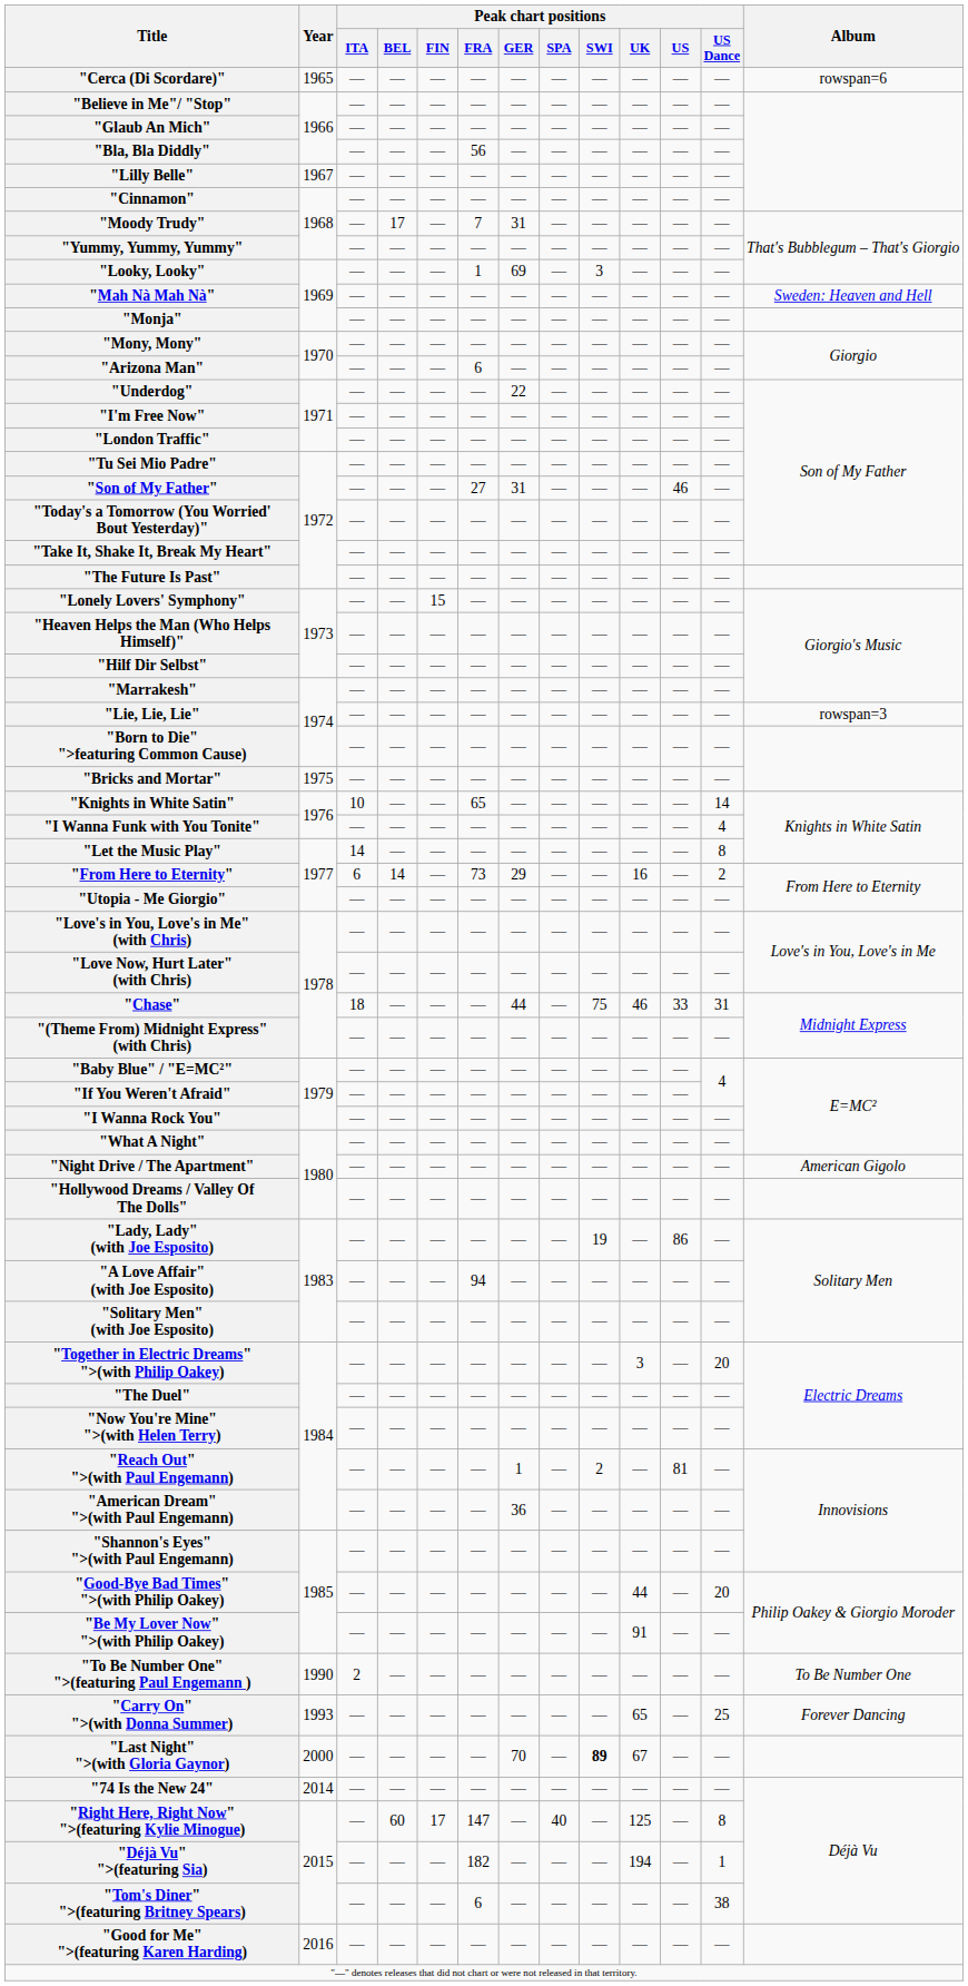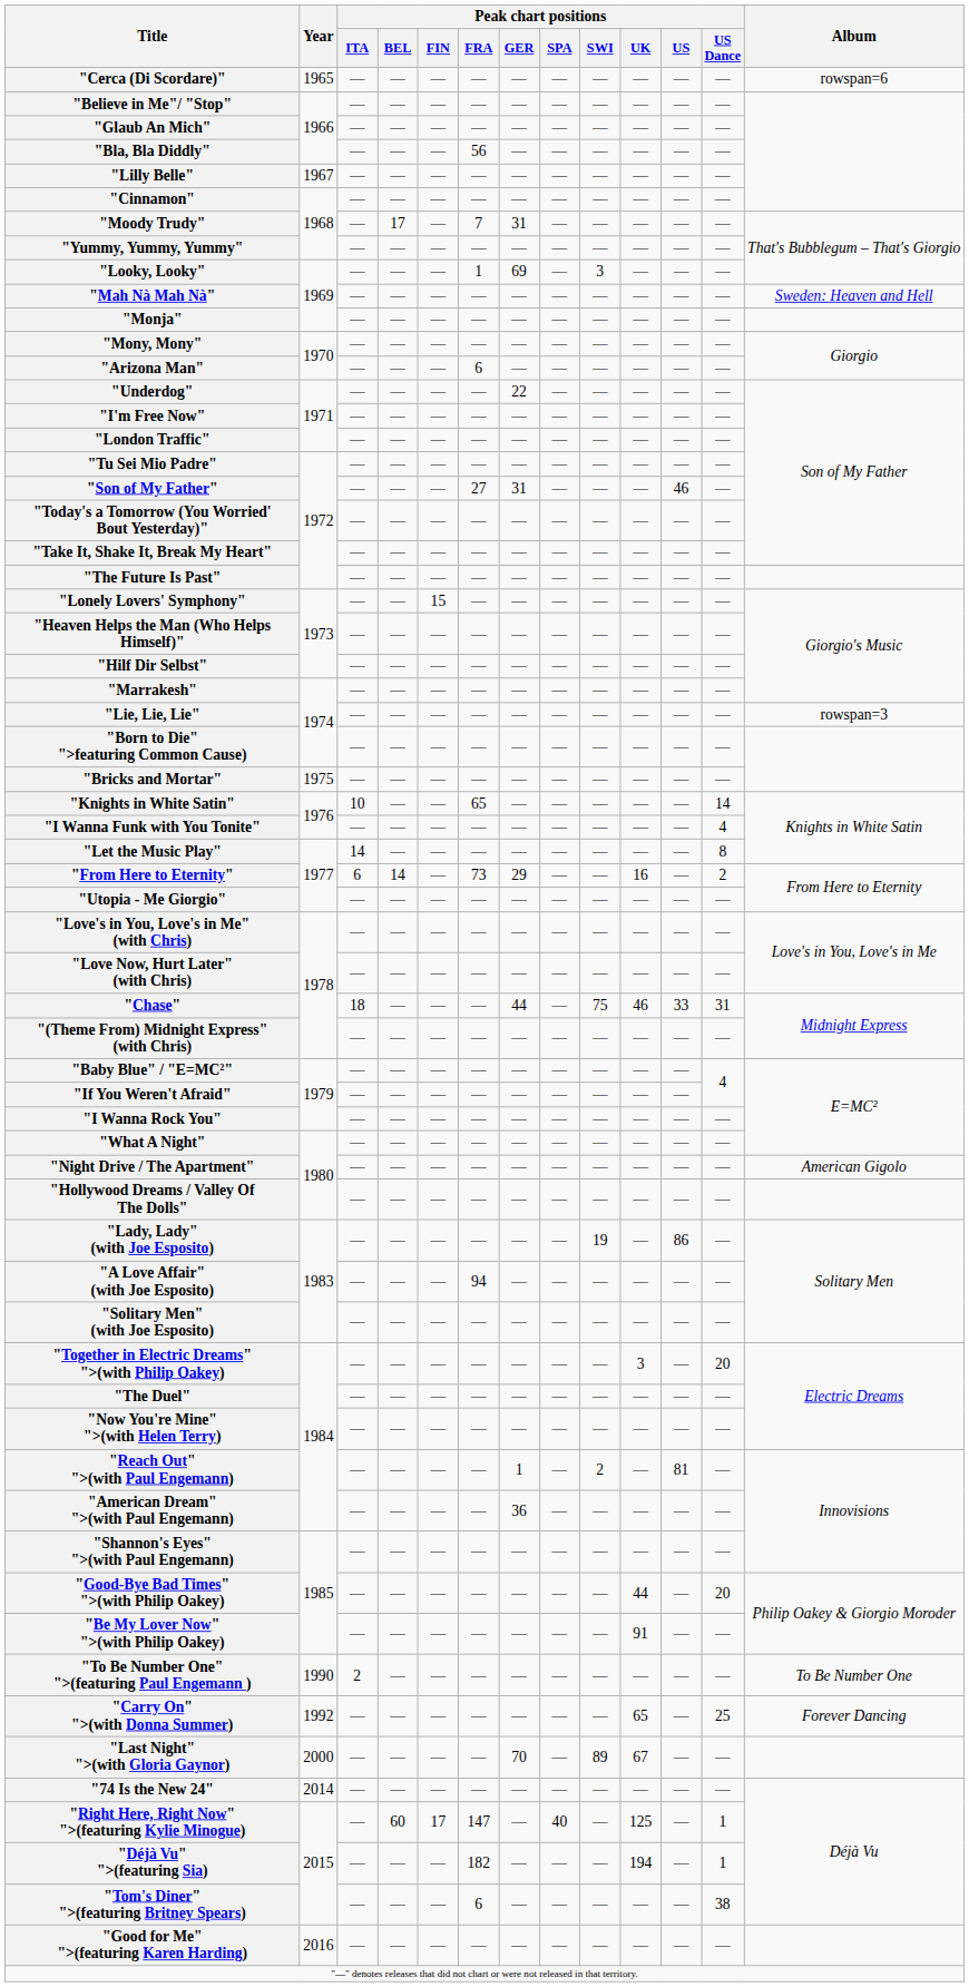 <table class="wikitable plainrowheaders" style="text-align:center;" border="1">
 <tr>
 <th scope="col" rowspan="2" style="width:19em;">Title</th>
 <th scope="col" rowspan="2">Year</th>
 <th scope="col" colspan="10">Peak chart positions</th>
 <th scope="col" rowspan="2">Album</th>
 </tr>
 <tr>
 <th scope="col" style="width:2.5em;font-size:90%;"><a href='#'>ITA</a><br></th>
 <th scope="col" style="width:2.5em;font-size:90%;"><a href='#'>BEL</a><br></th>
 <th scope="col" style="width:2.5em;font-size:90%;"><a href='#'>FIN</a><br></th>
 <th scope="col" style="width:2.5em;font-size:90%;"><a href='#'>FRA</a><br></th>
 <th scope="col" style="width:2.5em;font-size:90%;"><a href='#'>GER</a><br></th>
 <th scope="col" style="width:2.5em;font-size:90%;"><a href='#'>SPA</a><br></th>
 <th scope="col" style="width:2.5em;font-size:90%;"><a href='#'>SWI</a><br></th>
 <th scope="col" style="width:2.5em;font-size:90%;"><a href='#'>UK</a><br></th>
 <th scope="col" style="width:2.5em;font-size:90%;"><a href='#'>US</a><br></th>
 <th scope="col" style="width:2.5em;font-size:90%;"><a href='#'>US<br>Dance</a><br></th>
 </tr>
 <tr>
 <th scope="row">"Cerca (Di Scordare)"</th>
 <td>1965</td>
 <td>—</td>
 <td>—</td>
 <td>—</td>
 <td>—</td>
 <td>—</td>
 <td>—</td>
 <td>—</td>
 <td>—</td>
 <td>—</td>
 <td>—</td>
 <td>rowspan=6 </td>
 </tr>
 <tr>
 <th scope="row">"Believe in Me"/ "Stop"</th>
 <td rowspan=3>1966</td>
 <td>—</td>
 <td>—</td>
 <td>—</td>
 <td>—</td>
 <td>—</td>
 <td>—</td>
 <td>—</td>
 <td>—</td>
 <td>—</td>
 <td>—</td>
 </tr>
 <tr>
 <th scope="row">"Glaub An Mich"</th>
 <td>—</td>
 <td>—</td>
 <td>—</td>
 <td>—</td>
 <td>—</td>
 <td>—</td>
 <td>—</td>
 <td>—</td>
 <td>—</td>
 <td>—</td>
 </tr>
 <tr>
 <th scope="row">"Bla, Bla Diddly"</th>
 <td>—</td>
 <td>—</td>
 <td>—</td>
 <td>56</td>
 <td>—</td>
 <td>—</td>
 <td>—</td>
 <td>—</td>
 <td>—</td>
 <td>—</td>
 </tr>
 <tr>
 <th scope="row">"Lilly Belle"</th>
 <td>1967</td>
 <td>—</td>
 <td>—</td>
 <td>—</td>
 <td>—</td>
 <td>—</td>
 <td>—</td>
 <td>—</td>
 <td>—</td>
 <td>—</td>
 <td>—</td>
 </tr>
 <tr>
 <th scope="row">"Cinnamon"</th>
 <td rowspan=3>1968</td>
 <td>—</td>
 <td>—</td>
 <td>—</td>
 <td>—</td>
 <td>—</td>
 <td>—</td>
 <td>—</td>
 <td>—</td>
 <td>—</td>
 <td>—</td>
 </tr>
 <tr>
 <th scope="row">"Moody Trudy"</th>
 <td>—</td>
 <td>17</td>
 <td>—</td>
 <td>7</td>
 <td>31</td>
 <td>—</td>
 <td>—</td>
 <td>—</td>
 <td>—</td>
 <td>—</td>
 <td rowspan=3><em>That's Bubblegum – That's Giorgio</em></td>
 </tr>
 <tr>
 <th scope="row">"Yummy, Yummy, Yummy"</th>
 <td>—</td>
 <td>—</td>
 <td>—</td>
 <td>—</td>
 <td>—</td>
 <td>—</td>
 <td>—</td>
 <td>—</td>
 <td>—</td>
 <td>—</td>
 </tr>
 <tr>
 <th scope="row">"Looky, Looky"</th>
 <td rowspan=3>1969</td>
 <td>—</td>
 <td>—</td>
 <td>—</td>
 <td>1</td>
 <td>69</td>
 <td>—</td>
 <td>3</td>
 <td>—</td>
 <td>—</td>
 <td>—</td>
 </tr>
 <tr>
 <th scope="row">"<a href='#'>Mah Nà Mah Nà</a>"</th>
 <td>—</td>
 <td>—</td>
 <td>—</td>
 <td>—</td>
 <td>—</td>
 <td>—</td>
 <td>—</td>
 <td>—</td>
 <td>—</td>
 <td>—</td>
 <td><em><a href='#'>Sweden: Heaven and Hell</a></em></td>
 </tr>
 <tr>
 <th scope="row">"Monja"</th>
 <td>—</td>
 <td>—</td>
 <td>—</td>
 <td>—</td>
 <td>—</td>
 <td>—</td>
 <td>—</td>
 <td>—</td>
 <td>—</td>
 <td>—</td>
 <td></td>
 </tr>
 <tr>
 <th scope="row">"Mony, Mony"</th>
 <td rowspan=2>1970</td>
 <td>—</td>
 <td>—</td>
 <td>—</td>
 <td>—</td>
 <td>—</td>
 <td>—</td>
 <td>—</td>
 <td>—</td>
 <td>—</td>
 <td>—</td>
 <td rowspan=2><em>Giorgio</em></td>
 </tr>
 <tr>
 <th scope="row">"Arizona Man"</th>
 <td>—</td>
 <td>—</td>
 <td>—</td>
 <td>6</td>
 <td>—</td>
 <td>—</td>
 <td>—</td>
 <td>—</td>
 <td>—</td>
 <td>—</td>
 </tr>
 <tr>
 <th scope="row">"Underdog"</th>
 <td rowspan=3>1971</td>
 <td>—</td>
 <td>—</td>
 <td>—</td>
 <td>—</td>
 <td>22</td>
 <td>—</td>
 <td>—</td>
 <td>—</td>
 <td>—</td>
 <td>—</td>
 <td rowspan=7><em>Son of My Father</em></td>
 </tr>
 <tr>
 <th scope="row">"I'm Free Now"</th>
 <td>—</td>
 <td>—</td>
 <td>—</td>
 <td>—</td>
 <td>—</td>
 <td>—</td>
 <td>—</td>
 <td>—</td>
 <td>—</td>
 <td>—</td>
 </tr>
 <tr>
 <th scope="row">"London Traffic"</th>
 <td>—</td>
 <td>—</td>
 <td>—</td>
 <td>—</td>
 <td>—</td>
 <td>—</td>
 <td>—</td>
 <td>—</td>
 <td>—</td>
 <td>—</td>
 </tr>
 <tr>
 <th scope="row">"Tu Sei Mio Padre"</th>
 <td rowspan=5>1972</td>
 <td>—</td>
 <td>—</td>
 <td>—</td>
 <td>—</td>
 <td>—</td>
 <td>—</td>
 <td>—</td>
 <td>—</td>
 <td>—</td>
 <td>—</td>
 </tr>
 <tr>
 <th scope="row">"<a href='#'>Son of My Father</a>"</th>
 <td>—</td>
 <td>—</td>
 <td>—</td>
 <td>27</td>
 <td>31</td>
 <td>—</td>
 <td>—</td>
 <td>—</td>
 <td>46</td>
 <td>—</td>
 </tr>
 <tr>
 <th scope="row">"Today's a Tomorrow (You Worried'<br>Bout Yesterday)"</th>
 <td>—</td>
 <td>—</td>
 <td>—</td>
 <td>—</td>
 <td>—</td>
 <td>—</td>
 <td>—</td>
 <td>—</td>
 <td>—</td>
 <td>—</td>
 </tr>
 <tr>
 <th scope="row">"Take It, Shake It, Break My Heart"</th>
 <td>—</td>
 <td>—</td>
 <td>—</td>
 <td>—</td>
 <td>—</td>
 <td>—</td>
 <td>—</td>
 <td>—</td>
 <td>—</td>
 <td>—</td>
 </tr>
 <tr>
 <th scope="row">"The Future Is Past"</th>
 <td>—</td>
 <td>—</td>
 <td>—</td>
 <td>—</td>
 <td>—</td>
 <td>—</td>
 <td>—</td>
 <td>—</td>
 <td>—</td>
 <td>—</td>
 <td></td>
 </tr>
 <tr>
 <th scope="row">"Lonely Lovers' Symphony"</th>
 <td rowspan=3>1973</td>
 <td>—</td>
 <td>—</td>
 <td>15</td>
 <td>—</td>
 <td>—</td>
 <td>—</td>
 <td>—</td>
 <td>—</td>
 <td>—</td>
 <td>—</td>
 <td rowspan=4><em>Giorgio's Music</em></td>
 </tr>
 <tr>
 <th scope="row">"Heaven Helps the Man (Who Helps<br>Himself)"</th>
 <td>—</td>
 <td>—</td>
 <td>—</td>
 <td>—</td>
 <td>—</td>
 <td>—</td>
 <td>—</td>
 <td>—</td>
 <td>—</td>
 <td>—</td>
 </tr>
 <tr>
 <th scope="row">"Hilf Dir Selbst"</th>
 <td>—</td>
 <td>—</td>
 <td>—</td>
 <td>—</td>
 <td>—</td>
 <td>—</td>
 <td>—</td>
 <td>—</td>
 <td>—</td>
 <td>—</td>
 </tr>
 <tr>
 <th scope="row">"Marrakesh"</th>
 <td rowspan=3>1974</td>
 <td>—</td>
 <td>—</td>
 <td>—</td>
 <td>—</td>
 <td>—</td>
 <td>—</td>
 <td>—</td>
 <td>—</td>
 <td>—</td>
 <td>—</td>
 </tr>
 <tr>
 <th scope="row">"Lie, Lie, Lie"</th>
 <td>—</td>
 <td>—</td>
 <td>—</td>
 <td>—</td>
 <td>—</td>
 <td>—</td>
 <td>—</td>
 <td>—</td>
 <td>—</td>
 <td>—</td>
 <td>rowspan=3 </td>
 </tr>
 <tr>
 <th scope="row">"Born to Die"<br><span>">featuring Common Cause)</span></th>
 <td>—</td>
 <td>—</td>
 <td>—</td>
 <td>—</td>
 <td>—</td>
 <td>—</td>
 <td>—</td>
 <td>—</td>
 <td>—</td>
 <td>—</td>
 </tr>
 <tr>
 <th scope="row">"Bricks and Mortar"</th>
 <td>1975</td>
 <td>—</td>
 <td>—</td>
 <td>—</td>
 <td>—</td>
 <td>—</td>
 <td>—</td>
 <td>—</td>
 <td>—</td>
 <td>—</td>
 <td>—</td>
 </tr>
 <tr>
 <th scope="row">"Knights in White Satin"</th>
 <td rowspan=2>1976</td>
 <td>10</td>
 <td>—</td>
 <td>—</td>
 <td>65</td>
 <td>—</td>
 <td>—</td>
 <td>—</td>
 <td>—</td>
 <td>—</td>
 <td>14</td>
 <td rowspan=3><em>Knights in White Satin</em></td>
 </tr>
 <tr>
 <th scope="row">"I Wanna Funk with You Tonite"</th>
 <td>—</td>
 <td>—</td>
 <td>—</td>
 <td>—</td>
 <td>—</td>
 <td>—</td>
 <td>—</td>
 <td>—</td>
 <td>—</td>
 <td>4</td>
 </tr>
 <tr>
 <th scope="row">"Let the Music Play"</th>
 <td rowspan=3>1977</td>
 <td>14</td>
 <td>—</td>
 <td>—</td>
 <td>—</td>
 <td>—</td>
 <td>—</td>
 <td>—</td>
 <td>—</td>
 <td>—</td>
 <td>8</td>
 </tr>
 <tr>
 <th scope="row">"<a href='#'>From Here to Eternity</a>"</th>
 <td>6</td>
 <td>14</td>
 <td>—</td>
 <td>73</td>
 <td>29</td>
 <td>—</td>
 <td>—</td>
 <td>16</td>
 <td>—</td>
 <td>2</td>
 <td rowspan=2><em>From Here to Eternity</em></td>
 </tr>
 <tr>
 <th scope="row">"Utopia - Me Giorgio"</th>
 <td>—</td>
 <td>—</td>
 <td>—</td>
 <td>—</td>
 <td>—</td>
 <td>—</td>
 <td>—</td>
 <td>—</td>
 <td>—</td>
 <td>—</td>
 </tr>
 <tr>
 <th scope="row">"Love's in You, Love's in Me"<br><span>(with <a href='#'>Chris</a>)</span></th>
 <td rowspan=4>1978</td>
 <td>—</td>
 <td>—</td>
 <td>—</td>
 <td>—</td>
 <td>—</td>
 <td>—</td>
 <td>—</td>
 <td>—</td>
 <td>—</td>
 <td>—</td>
 <td rowspan=2><em>Love's in You, Love's in Me</em></td>
 </tr>
 <tr>
 <th scope="row">"Love Now, Hurt Later"<br><span>(with Chris)</span></th>
 <td>—</td>
 <td>—</td>
 <td>—</td>
 <td>—</td>
 <td>—</td>
 <td>—</td>
 <td>—</td>
 <td>—</td>
 <td>—</td>
 <td>—</td>
 </tr>
 <tr>
 <th scope="row">"<a href='#'>Chase</a>"</th>
 <td>18</td>
 <td>—</td>
 <td>—</td>
 <td>—</td>
 <td>44</td>
 <td>—</td>
 <td>75</td>
 <td>46</td>
 <td>33</td>
 <td>31</td>
 <td rowspan=2><em><a href='#'>Midnight Express</a></em></td>
 </tr>
 <tr>
 <th scope="row">"(Theme From) Midnight Express"<br><span>(with Chris)</span></th>
 <td>—</td>
 <td>—</td>
 <td>—</td>
 <td>—</td>
 <td>—</td>
 <td>—</td>
 <td>—</td>
 <td>—</td>
 <td>—</td>
 <td>—</td>
 </tr>
 <tr>
 <th scope="row">"Baby Blue" / "E=MC²"</th>
 <td rowspan=3>1979</td>
 <td>—</td>
 <td>—</td>
 <td>—</td>
 <td>—</td>
 <td>—</td>
 <td>—</td>
 <td>—</td>
 <td>—</td>
 <td>—</td>
 <td rowspan=2>4</td>
 <td rowspan=4><em>E=MC²</em></td>
 </tr>
 <tr>
 <th scope="row">"If You Weren't Afraid"</th>
 <td>—</td>
 <td>—</td>
 <td>—</td>
 <td>—</td>
 <td>—</td>
 <td>—</td>
 <td>—</td>
 <td>—</td>
 <td>—</td>
 </tr>
 <tr>
 <th scope="row">"I Wanna Rock You"</th>
 <td>—</td>
 <td>—</td>
 <td>—</td>
 <td>—</td>
 <td>—</td>
 <td>—</td>
 <td>—</td>
 <td>—</td>
 <td>—</td>
 <td>—</td>
 </tr>
 <tr>
 <th scope="row">"What A Night"</th>
 <td rowspan=3>1980</td>
 <td>—</td>
 <td>—</td>
 <td>—</td>
 <td>—</td>
 <td>—</td>
 <td>—</td>
 <td>—</td>
 <td>—</td>
 <td>—</td>
 <td>—</td>
 </tr>
 <tr>
 <th scope="row">"Night Drive / The Apartment"</th>
 <td>—</td>
 <td>—</td>
 <td>—</td>
 <td>—</td>
 <td>—</td>
 <td>—</td>
 <td>—</td>
 <td>—</td>
 <td>—</td>
 <td>—</td>
 <td><em>American Gigolo</em></td>
 </tr>
 <tr>
 <th scope="row">"Hollywood Dreams / Valley Of<br>The Dolls"</th>
 <td>—</td>
 <td>—</td>
 <td>—</td>
 <td>—</td>
 <td>—</td>
 <td>—</td>
 <td>—</td>
 <td>—</td>
 <td>—</td>
 <td>—</td>
 <td></td>
 </tr>
 <tr>
 <th scope="row">"Lady, Lady"<br><span>(with <a href='#'>Joe Esposito</a>)</span></th>
 <td rowspan=3>1983</td>
 <td>—</td>
 <td>—</td>
 <td>—</td>
 <td>—</td>
 <td>—</td>
 <td>—</td>
 <td>19</td>
 <td>—</td>
 <td>86</td>
 <td>—</td>
 <td rowspan=3><em>Solitary Men</em></td>
 </tr>
 <tr>
 <th scope="row">"A Love Affair"<br><span>(with Joe Esposito)</span></th>
 <td>—</td>
 <td>—</td>
 <td>—</td>
 <td>94</td>
 <td>—</td>
 <td>—</td>
 <td>—</td>
 <td>—</td>
 <td>—</td>
 <td>—</td>
 </tr>
 <tr>
 <th scope="row">"Solitary Men"<br><span>(with Joe Esposito)</span></th>
 <td>—</td>
 <td>—</td>
 <td>—</td>
 <td>—</td>
 <td>—</td>
 <td>—</td>
 <td>—</td>
 <td>—</td>
 <td>—</td>
 <td>—</td>
 </tr>
 <tr>
 <th scope="row">"<a href='#'>Together in Electric Dreams</a>"<br><span>">(with <a href='#'>Philip Oakey</a>)</span></th>
 <td rowspan=5>1984</td>
 <td>—</td>
 <td>—</td>
 <td>—</td>
 <td>—</td>
 <td>—</td>
 <td>—</td>
 <td>—</td>
 <td>3</td>
 <td>—</td>
 <td>20</td>
 <td rowspan=3><em><a href='#'>Electric Dreams</a></em></td>
 </tr>
 <tr>
 <th scope="row">"The Duel"</th>
 <td>—</td>
 <td>—</td>
 <td>—</td>
 <td>—</td>
 <td>—</td>
 <td>—</td>
 <td>—</td>
 <td>—</td>
 <td>—</td>
 <td>—</td>
 </tr>
 <tr>
 <th scope="row">"Now You're Mine"<br><span>">(with <a href='#'>Helen Terry</a>)</span></th>
 <td>—</td>
 <td>—</td>
 <td>—</td>
 <td>—</td>
 <td>—</td>
 <td>—</td>
 <td>—</td>
 <td>—</td>
 <td>—</td>
 <td>—</td>
 </tr>
 <tr>
 <th scope="row">"<a href='#'>Reach Out</a>"<br><span>">(with <a href='#'>Paul Engemann</a>)</span></th>
 <td>—</td>
 <td>—</td>
 <td>—</td>
 <td>—</td>
 <td>1</td>
 <td>—</td>
 <td>2</td>
 <td>—</td>
 <td>81</td>
 <td>—</td>
 <td rowspan=3><em>Innovisions</em></td>
 </tr>
 <tr>
 <th scope="row">"American Dream"<br><span>">(with Paul Engemann)</span></th>
 <td>—</td>
 <td>—</td>
 <td>—</td>
 <td>—</td>
 <td>36</td>
 <td>—</td>
 <td>—</td>
 <td>—</td>
 <td>—</td>
 <td>—</td>
 </tr>
 <tr>
 <th scope="row">"Shannon's Eyes"<br><span>">(with Paul Engemann)</span></th>
 <td rowspan=3>1985</td>
 <td>—</td>
 <td>—</td>
 <td>—</td>
 <td>—</td>
 <td>—</td>
 <td>—</td>
 <td>—</td>
 <td>—</td>
 <td>—</td>
 <td>—</td>
 </tr>
 <tr>
 <th scope="row">"<a href='#'>Good-Bye Bad Times</a>"<br><span>">(with Philip Oakey)</span></th>
 <td>—</td>
 <td>—</td>
 <td>—</td>
 <td>—</td>
 <td>—</td>
 <td>—</td>
 <td>—</td>
 <td>44</td>
 <td>—</td>
 <td>20</td>
 <td rowspan=2><em>Philip Oakey & Giorgio Moroder</em></td>
 </tr>
 <tr>
 <th scope="row">"<a href='#'>Be My Lover Now</a>"<br><span>">(with Philip Oakey)</span></th>
 <td>—</td>
 <td>—</td>
 <td>—</td>
 <td>—</td>
 <td>—</td>
 <td>—</td>
 <td>—</td>
 <td>91</td>
 <td>—</td>
 <td>—</td>
 </tr>
 <tr>
 <th scope="row">"To Be Number One"<br><span>">(featuring <a href='#'>Paul Engemann </a>)</span></th>
 <td>1990</td>
 <td>2</td>
 <td>—</td>
 <td>—</td>
 <td>—</td>
 <td>—</td>
 <td>—</td>
 <td>—</td>
 <td>—</td>
 <td>—</td>
 <td>—</td>
 <td><em>To Be Number One</em></td>
 </tr>
 <tr>
 <th scope="row">"<a href='#'>Carry On</a>"<br><span>">(with <a href='#'>Donna Summer</a>)</span></th>
-<td>1993</td>
+<td>1992</td>
 <td>—</td>
 <td>—</td>
 <td>—</td>
 <td>—</td>
 <td>—</td>
 <td>—</td>
 <td>—</td>
 <td>65</td>
 <td>—</td>
 <td>25</td>
 <td><em>Forever Dancing</em></td>
 </tr>
 <tr>
 <th scope="row">"Last Night"<br><span>">(with <a href='#'>Gloria Gaynor</a>)</span></th>
 <td>2000</td>
 <td>—</td>
 <td>—</td>
 <td>—</td>
 <td>—</td>
 <td>70</td>
 <td>—</td>
-<td><strong>89</strong></td>
+<td>89</td>
 <td>67</td>
 <td>—</td>
 <td>—</td>
 <td></td>
 </tr>
 <tr>
 <th scope="row">"74 Is the New 24"</th>
 <td>2014</td>
 <td>—</td>
 <td>—</td>
 <td>—</td>
 <td>—</td>
 <td>—</td>
 <td>—</td>
 <td>—</td>
 <td>—</td>
 <td>—</td>
 <td>—</td>
 <td rowspan=4><em>Déjà Vu</em></td>
 </tr>
 <tr>
 <th scope="row">"<a href='#'>Right Here, Right Now</a>"<br><span>">(featuring <a href='#'>Kylie Minogue</a>)</span></th>
 <td rowspan=3>2015</td>
 <td>—</td>
 <td>60</td>
 <td>17</td>
 <td>147</td>
 <td>—</td>
 <td>40</td>
 <td>—</td>
 <td>125</td>
 <td>—</td>
-<td>8</td>
+<td>1</td>
 </tr>
 <tr>
 <th scope="row">"<a href='#'>Déjà Vu</a>"<br><span>">(featuring <a href='#'>Sia</a>)</span></th>
 <td>—</td>
 <td>—</td>
 <td>—</td>
 <td>182</td>
 <td>—</td>
 <td>—</td>
 <td>—</td>
 <td>194</td>
 <td>—</td>
 <td>1</td>
 </tr>
 <tr>
 <th scope="row">"<a href='#'>Tom's Diner</a>"<br><span>">(featuring <a href='#'>Britney Spears</a>)</span></th>
 <td>—</td>
 <td>—</td>
 <td>—</td>
 <td>6</td>
 <td>—</td>
 <td>—</td>
 <td>—</td>
 <td>—</td>
 <td>—</td>
 <td>38</td>
 </tr>
 <tr>
 <th scope="row">"Good for Me"<br><span>">(featuring <a href='#'>Karen Harding</a>)</span></th>
 <td>2016</td>
 <td>—</td>
 <td>—</td>
 <td>—</td>
 <td>—</td>
 <td>—</td>
 <td>—</td>
 <td>—</td>
 <td>—</td>
 <td>—</td>
 <td>—</td>
 <td></td>
 </tr>
 <tr>
 <td align="center" colspan="15" style="font-size:8pt">"—" denotes releases that did not chart or were not released in that territory.</td>
 </tr>
 </table>
